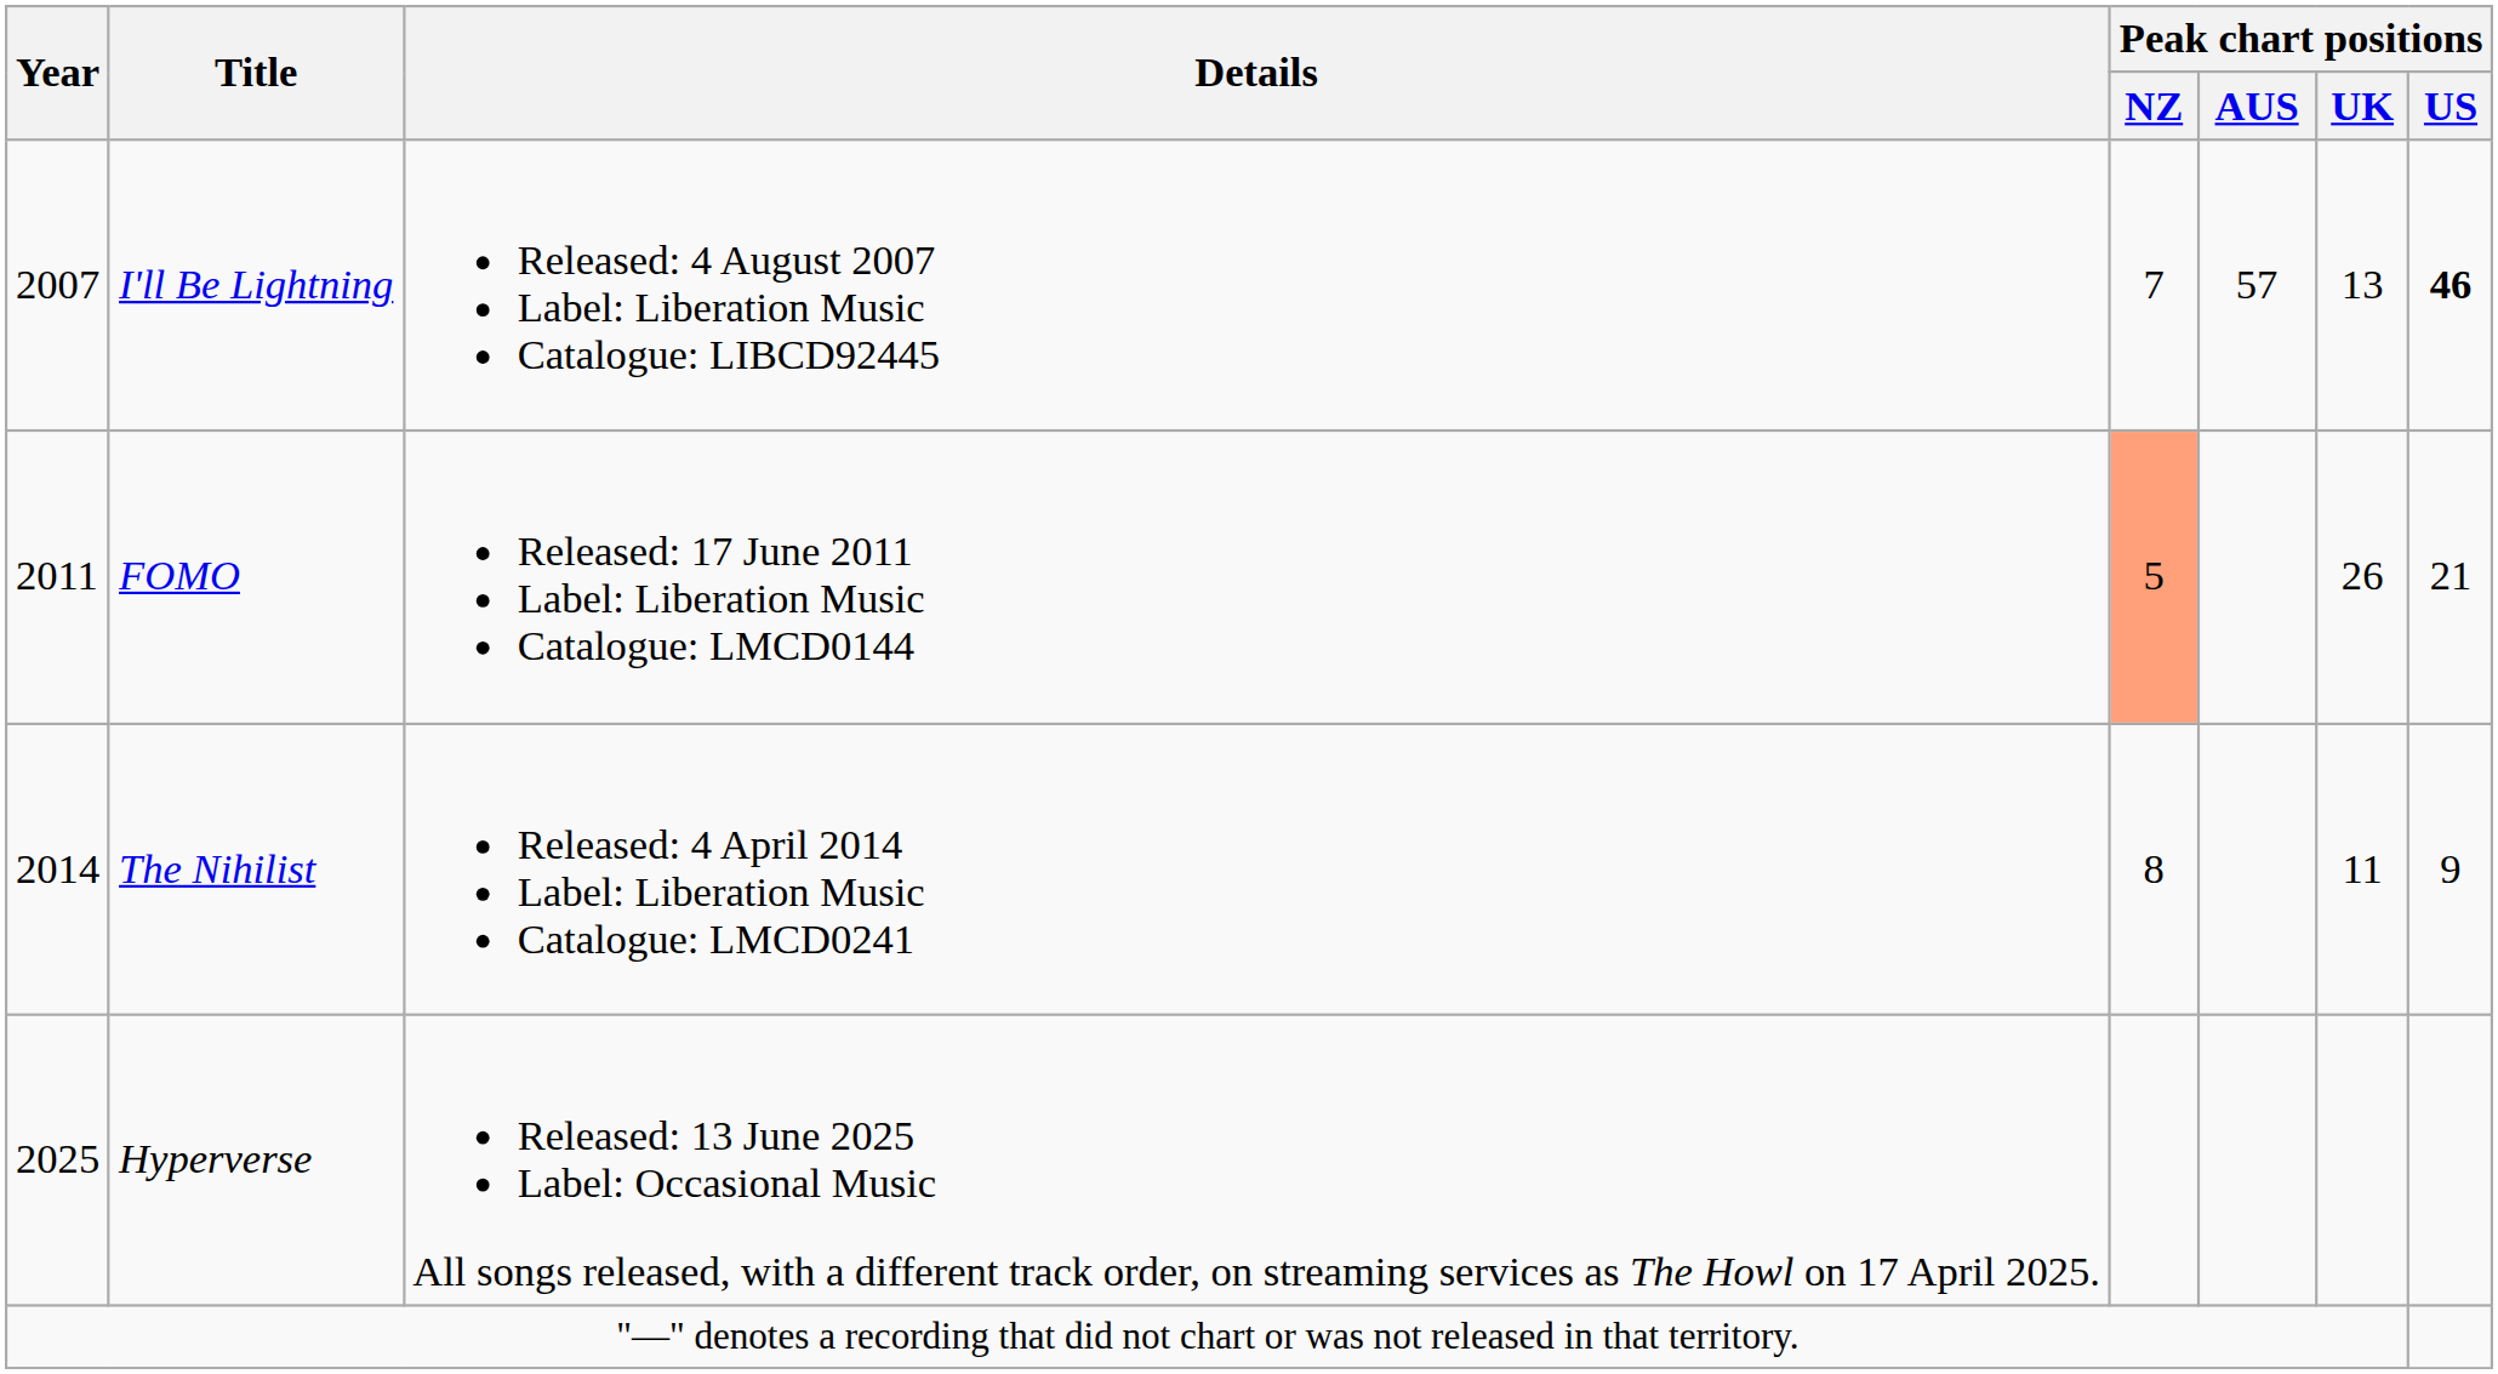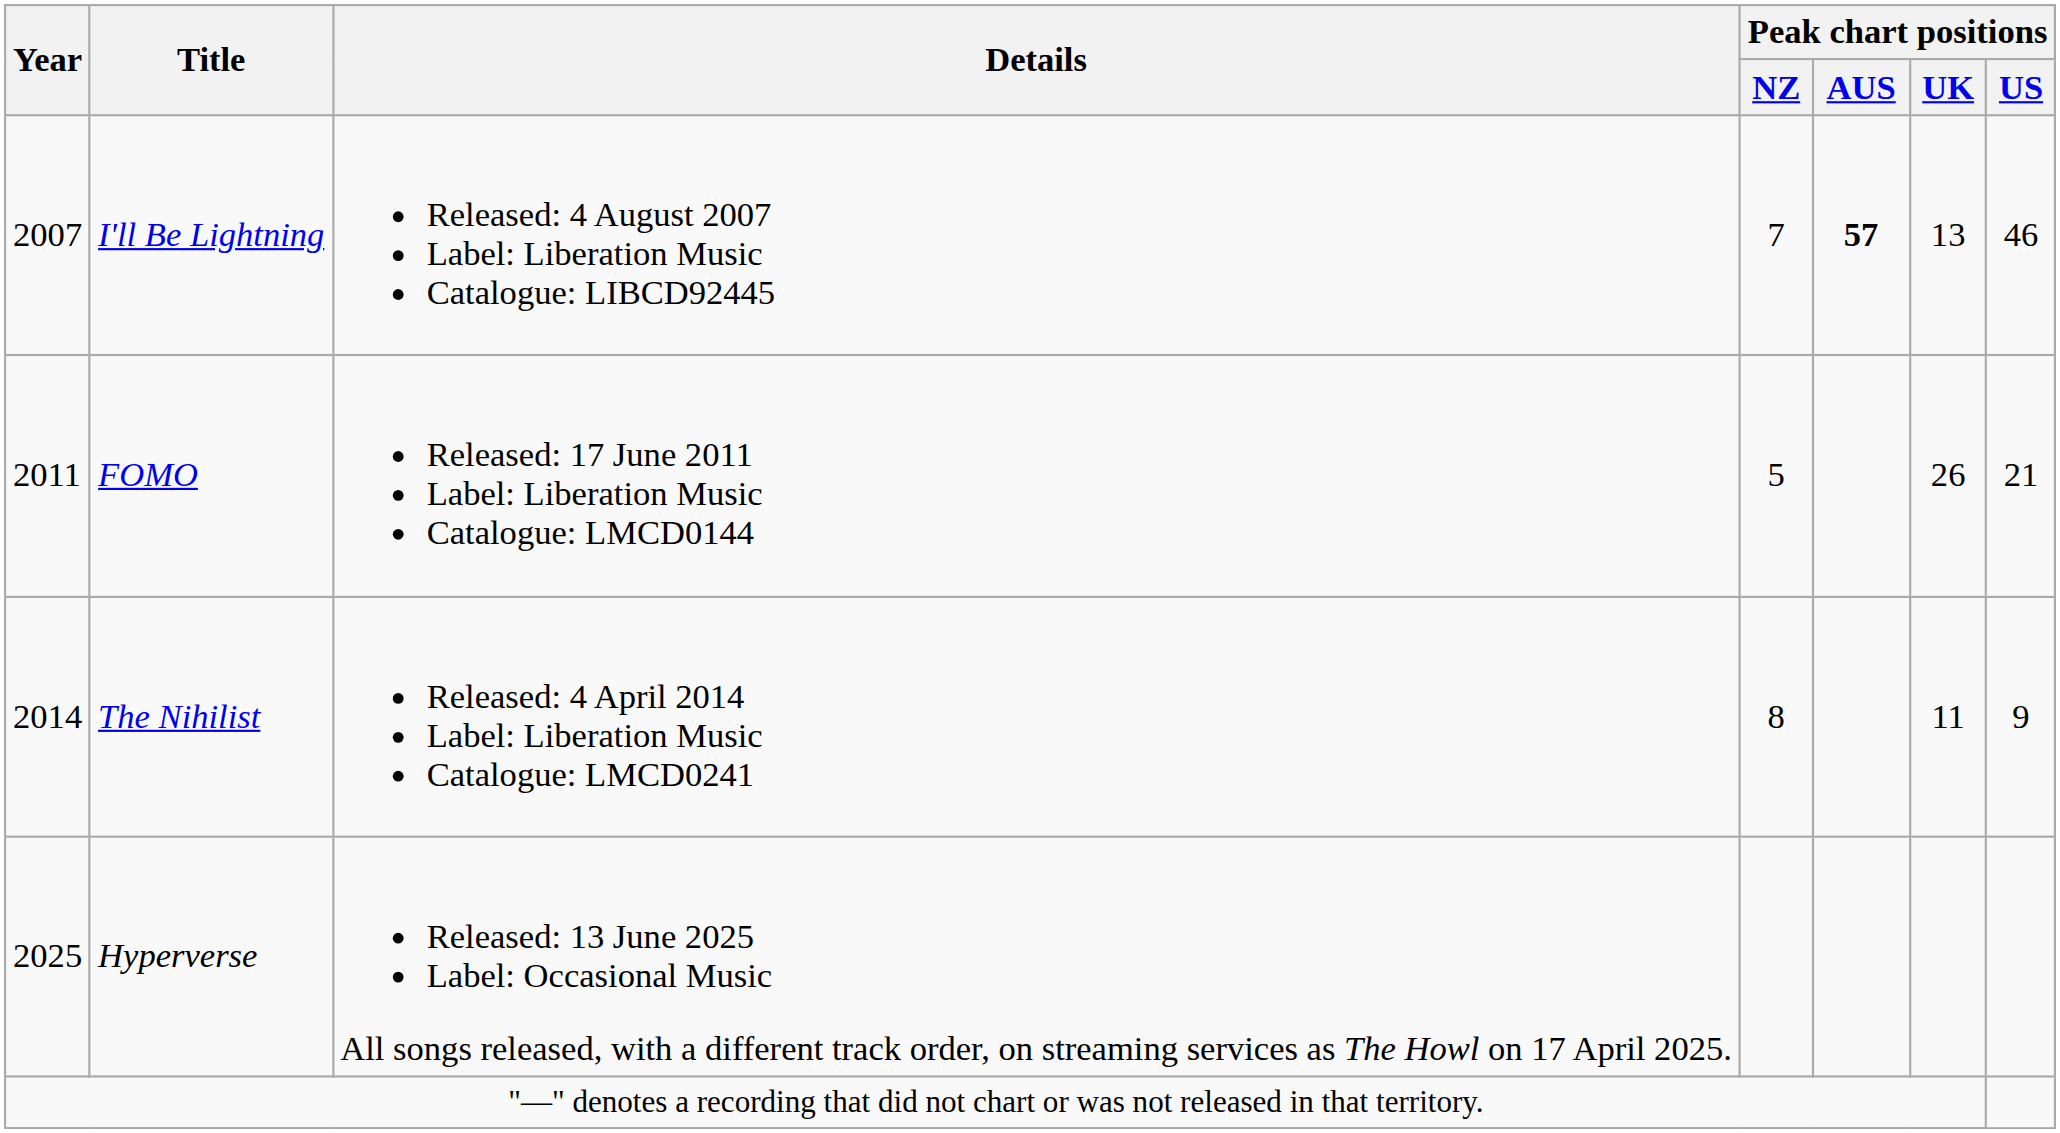 <table class="wikitable plainrowheaders">
 <tr>
 <th rowspan="2">Year</th>
 <th rowspan="2">Title</th>
 <th rowspan="2">Details</th>
 <th colspan="4">Peak chart positions</th>
 </tr>
 <tr>
 <th scope="row"><a href='#'>NZ</a><br></th>
 <th scope="row"><a href='#'>AUS</a><br></th>
 <th scope="row"><a href='#'>UK</a></th>
 <th scope="row"><a href='#'>US</a></th>
 </tr>
 <tr>
 <td>2007</td>
 <td><em><a href='#'>I'll Be Lightning</a></em></td>
 <td><br><ul><li>Released: 4 August 2007</li><li>Label: Liberation Music</li><li>Catalogue:  LIBCD92445</li></ul></td>
 <td align="center">7</td>
-<td align="center">57</td>
+<td align="center"><strong>57</strong></td>
 <td align="center">13</td>
-<td align="center"><strong>46</strong></td>
+<td align="center">46</td>
 </tr>
 <tr>
 <td>2011</td>
 <td><em><a href='#'>FOMO</a></em></td>
 <td><br><ul><li>Released: 17 June 2011</li><li>Label: Liberation Music</li><li>Catalogue: LMCD0144</li></ul></td>
-<td align="center" style="background: lightsalmon;">5</td>
+<td align="center">5</td>
 <td align="center"></td>
 <td align="center">26</td>
 <td align="center">21</td>
 </tr>
 <tr>
 <td>2014</td>
 <td><em><a href='#'>The Nihilist</a></em></td>
 <td><br><ul><li>Released: 4 April 2014</li><li>Label: Liberation Music</li><li>Catalogue: LMCD0241</li></ul></td>
 <td align="center">8</td>
 <td align="center"></td>
 <td align="center">11</td>
 <td align="center">9</td>
 </tr>
 <tr>
 <td>2025</td>
 <td><em>Hyperverse</em></td>
 <td><br><ul><li>Released: 13 June 2025</li><li>Label: Occasional Music</li></ul>All songs released, with a different track order, on streaming services as <em>The Howl</em> on 17 April 2025.</td>
 <td align="center"></td>
 <td align="center"></td>
 <td align="center"></td>
 <td align="center"></td>
 </tr>
 <tr>
 <td colspan="6" style="font-size:90%" align="center">"—" denotes a recording that did not chart or was not released in that territory.</td>
 </tr>
 <tr>
 </tr>
 </table>
